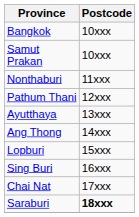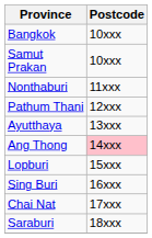 <table class="wikitable" align="left" style="width:30%; display:inline-table;">
 <tr>
 <th>Province</th>
 <th>Postcode</th>
 </tr>
 <tr>
 <td><a href='#'>Bangkok</a></td>
 <td>10xxx</td>
 </tr>
 <tr>
 <td><a href='#'>Samut Prakan</a></td>
 <td>10xxx</td>
 </tr>
 <tr>
 <td><a href='#'>Nonthaburi</a></td>
 <td>11xxx</td>
 </tr>
 <tr>
 <td><a href='#'>Pathum Thani</a></td>
 <td>12xxx</td>
 </tr>
 <tr>
 <td><a href='#'>Ayutthaya</a></td>
 <td>13xxx</td>
 </tr>
 <tr>
 <td><a href='#'>Ang Thong</a></td>
-<td>14xxx</td>
+<td style="background: pink;">14xxx</td>
 </tr>
 <tr>
 <td><a href='#'>Lopburi</a></td>
 <td>15xxx</td>
 </tr>
 <tr>
 <td><a href='#'>Sing Buri</a></td>
 <td>16xxx</td>
 </tr>
 <tr>
 <td><a href='#'>Chai Nat</a></td>
 <td>17xxx</td>
 </tr>
 <tr>
 <td><a href='#'>Saraburi</a></td>
-<td><strong>18xxx</strong></td>
+<td>18xxx</td>
 </tr>
 <tr>
 </tr>
 </table>
